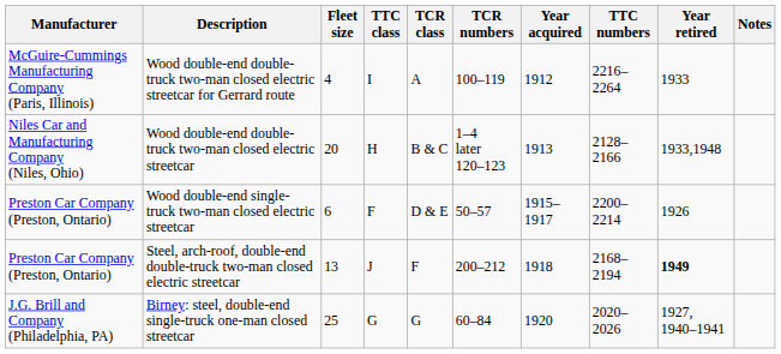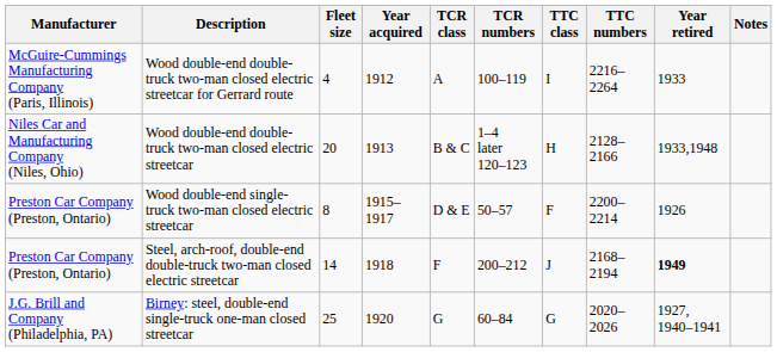 <table class="wikitable">
 <tr>
 <th>Manufacturer</th>
 <th>Description</th>
 <th>Fleet size</th>
-<th>TTC class</th>
+<th>Year acquired</th>
 <th>TCR class</th>
 <th>TCR numbers</th>
-<th>Year acquired</th>
+<th>TTC class</th>
 <th>TTC numbers</th>
 <th>Year retired</th>
 <th>Notes</th>
 </tr>
 <tr>
 <td><a href='#'>McGuire-Cummings Manufacturing Company</a><br>(Paris, Illinois)</td>
 <td>Wood double-end double-truck two-man closed electric streetcar for Gerrard route</td>
 <td>4</td>
-<td>I</td>
+<td>1912</td>
 <td>A</td>
 <td>100–119</td>
-<td>1912</td>
+<td>I</td>
 <td>2216–2264</td>
 <td>1933</td>
 <td></td>
 </tr>
 <tr>
 <td><a href='#'>Niles Car and Manufacturing Company</a><br>(Niles, Ohio)</td>
 <td>Wood double-end double-truck two-man closed electric streetcar</td>
 <td>20</td>
-<td>H</td>
+<td>1913</td>
 <td>B & C</td>
 <td>1–4<br>later<br>120–123</td>
-<td>1913</td>
+<td>H</td>
 <td>2128–2166</td>
 <td>1933,1948</td>
 <td></td>
 </tr>
 <tr>
 <td><a href='#'>Preston Car Company</a><br>(Preston, Ontario)</td>
 <td>Wood double-end single-truck two-man closed electric streetcar</td>
-<td>6</td>
-<td>F</td>
+<td>8</td>
+<td>1915–1917</td>
 <td>D & E</td>
 <td>50–57</td>
-<td>1915–1917</td>
+<td>F</td>
 <td>2200–2214</td>
 <td>1926</td>
 <td></td>
 </tr>
 <tr>
 <td><a href='#'>Preston Car Company</a><br>(Preston, Ontario)</td>
 <td>Steel, arch-roof, double-end double-truck two-man closed electric streetcar</td>
-<td>13</td>
-<td>J</td>
+<td>14</td>
+<td>1918</td>
 <td>F</td>
 <td>200–212</td>
-<td>1918</td>
+<td>J</td>
 <td>2168–2194</td>
 <td><strong>1949</strong></td>
 <td></td>
 </tr>
 <tr>
 <td><a href='#'>J.G. Brill and Company</a><br>(Philadelphia, PA)</td>
 <td><a href='#'>Birney</a>: steel, double-end single-truck one-man closed streetcar</td>
 <td>25</td>
-<td>G</td>
+<td>1920</td>
 <td>G</td>
 <td>60–84</td>
-<td>1920</td>
+<td>G</td>
 <td>2020–2026</td>
 <td>1927, 1940–1941</td>
 <td></td>
 </tr>
 </table>
